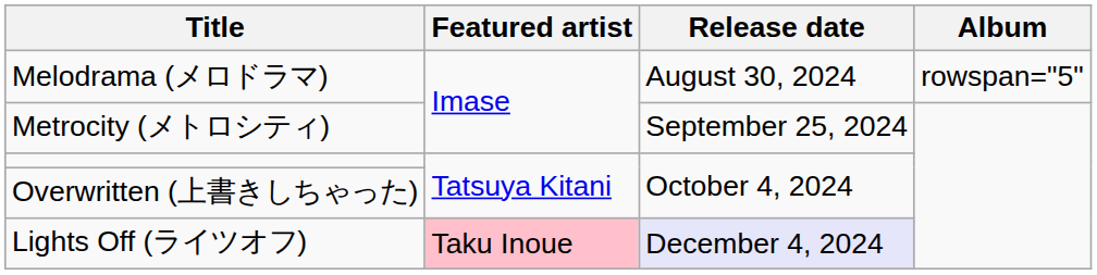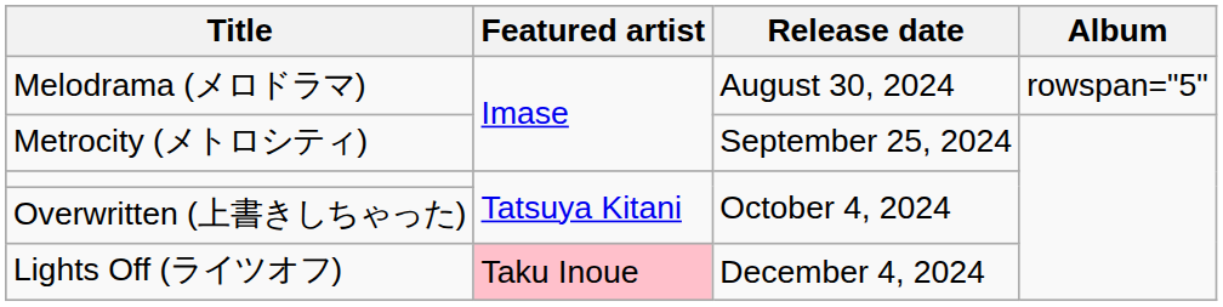 <table class="wikitable">
 <tr>
 <th>Title</th>
 <th>Featured artist</th>
 <th>Release date</th>
 <th>Album</th>
 </tr>
 <tr>
 <td>Melodrama (メロドラマ)</td>
 <td rowspan="2"><a href='#'>Imase</a></td>
 <td>August 30, 2024</td>
 <td>rowspan="5" </td>
 </tr>
 <tr>
 <td>Metrocity (メトロシティ)</td>
 <td>September 25, 2024</td>
 </tr>
 <tr>
 <td></td>
 <td rowspan="2"><a href='#'>Tatsuya Kitani</a></td>
 <td rowspan="2">October 4, 2024</td>
 </tr>
 <tr>
 <td>Overwritten (上書きしちゃった)</td>
 </tr>
 <tr>
 <td>Lights Off (ライツオフ)</td>
 <td style="background: pink;">Taku Inoue</td>
-<td style="background: lavender;">December 4, 2024</td>
+<td>December 4, 2024</td>
 </tr>
 </table>
